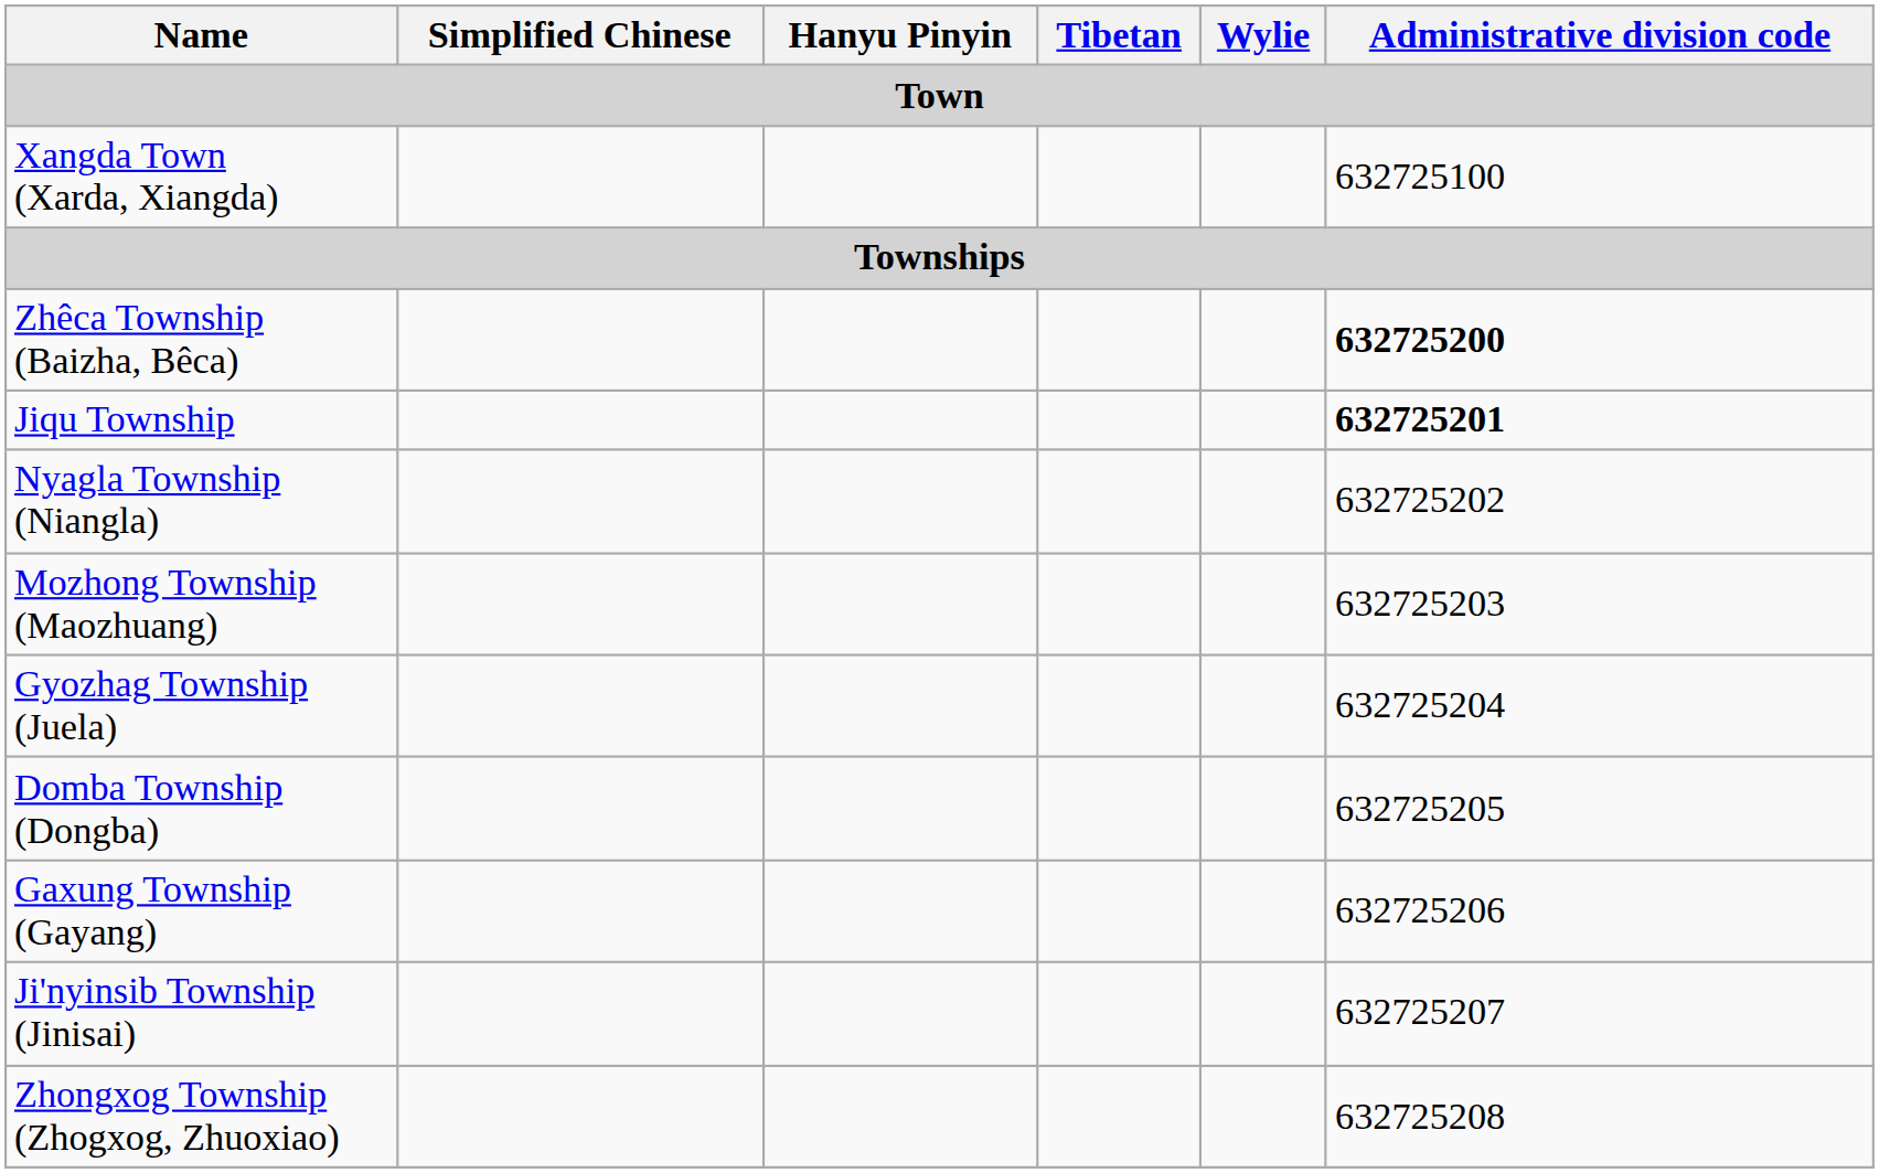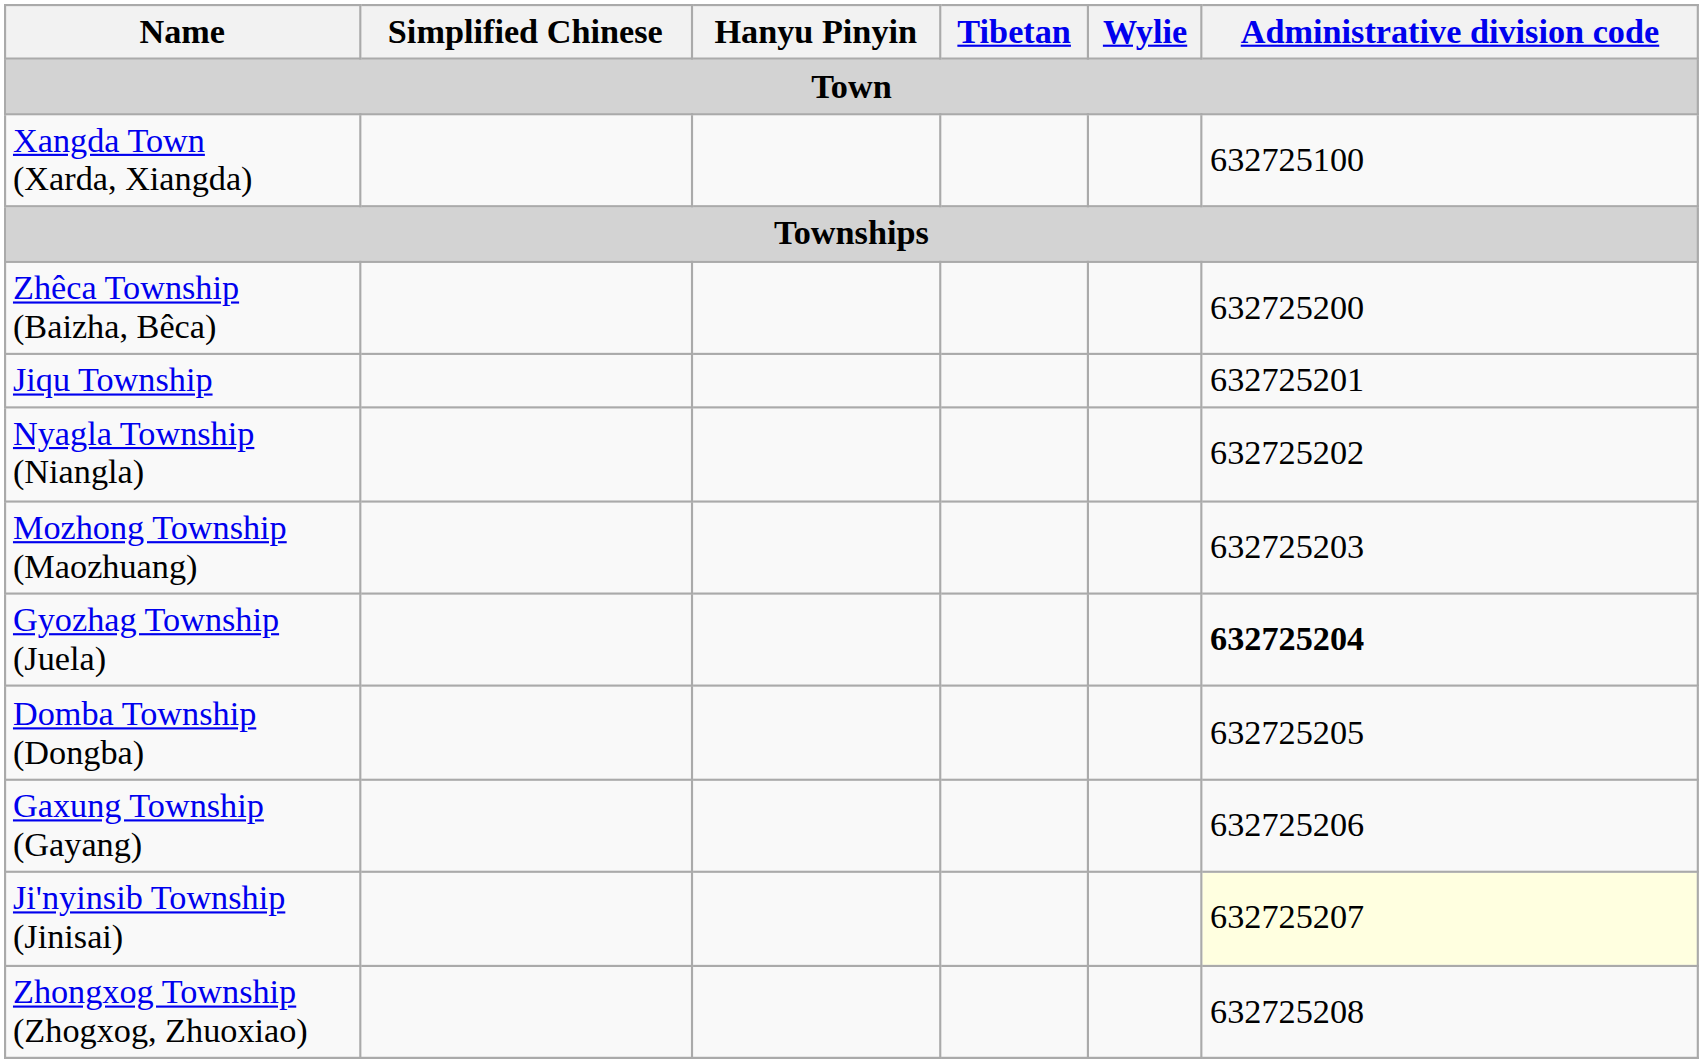 <table class="wikitable" align="center" style="width:50%; border="1">
 <tr>
 <th>Name</th>
 <th>Simplified Chinese</th>
 <th>Hanyu Pinyin</th>
 <th><a href='#'>Tibetan</a></th>
 <th><a href='#'>Wylie</a></th>
 <th><a href='#'>Administrative division code</a></th>
 </tr>
 <tr>
 <td colspan="7"  style="text-align:center; background:#d3d3d3;"><strong>Town</strong></td>
 </tr>
 <tr --------->
 <td><a href='#'>Xangda Town</a><br>(Xarda, Xiangda)</td>
 <td></td>
 <td></td>
 <td></td>
 <td></td>
 <td>632725100</td>
 </tr>
 <tr>
 <td colspan="7"  style="text-align:center; background:#d3d3d3;"><strong>Townships</strong></td>
 </tr>
 <tr --------->
 <td><a href='#'>Zhêca Township</a><br>(Baizha, Bêca)</td>
 <td></td>
 <td></td>
 <td></td>
 <td></td>
-<td><strong>632725200</strong></td>
+<td>632725200</td>
 </tr>
 <tr>
 <td><a href='#'>Jiqu Township</a></td>
 <td></td>
 <td></td>
 <td></td>
 <td></td>
-<td><strong>632725201</strong></td>
+<td>632725201</td>
 </tr>
 <tr>
 <td><a href='#'>Nyagla Township</a><br>(Niangla)</td>
 <td></td>
 <td></td>
 <td></td>
 <td></td>
 <td>632725202</td>
 </tr>
 <tr>
 <td><a href='#'>Mozhong Township</a><br>(Maozhuang)</td>
 <td></td>
 <td></td>
 <td></td>
 <td></td>
 <td>632725203</td>
 </tr>
 <tr>
 <td><a href='#'>Gyozhag Township</a><br>(Juela)</td>
 <td></td>
 <td></td>
 <td></td>
 <td></td>
-<td>632725204</td>
+<td><strong>632725204</strong></td>
 </tr>
 <tr>
 <td><a href='#'>Domba Township</a><br>(Dongba)</td>
 <td></td>
 <td></td>
 <td></td>
 <td></td>
 <td>632725205</td>
 </tr>
 <tr>
 <td><a href='#'>Gaxung Township</a><br>(Gayang)</td>
 <td></td>
 <td></td>
 <td></td>
 <td></td>
 <td>632725206</td>
 </tr>
 <tr>
 <td><a href='#'>Ji'nyinsib Township</a><br>(Jinisai)</td>
 <td></td>
 <td></td>
 <td></td>
 <td></td>
-<td>632725207</td>
+<td style="background: lightyellow;">632725207</td>
 </tr>
 <tr>
 <td><a href='#'>Zhongxog Township</a><br>(Zhogxog, Zhuoxiao)</td>
 <td></td>
 <td></td>
 <td></td>
 <td></td>
 <td>632725208</td>
 </tr>
 <tr>
 </tr>
 </table>
